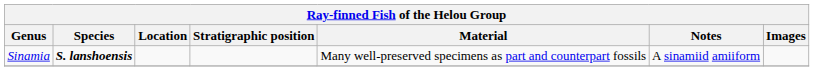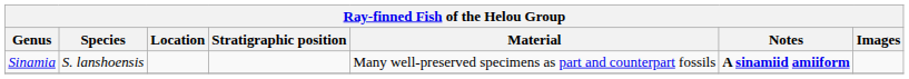 <table class="wikitable" align="center">
 <tr>
 <th colspan="7" align="center"><a href='#'>Ray-finned Fish</a> of the Helou Group</th>
 </tr>
 <tr>
 <th>Genus</th>
 <th>Species</th>
 <th>Location</th>
 <th>Stratigraphic position</th>
 <th>Material</th>
 <th>Notes</th>
 <th>Images</th>
 </tr>
 <tr>
 <td><em><a href='#'>Sinamia</a></em></td>
-<td><strong><em>S. lanshoensis</em></strong></td>
+<td><em>S. lanshoensis</em></td>
 <td></td>
 <td></td>
 <td>Many well-preserved specimens as <a href='#'>part and counterpart</a> fossils</td>
-<td>A <a href='#'>sinamiid</a> <a href='#'>amiiform</a></td>
+<td><strong>A <a href='#'>sinamiid</a> <a href='#'>amiiform</a></strong></td>
 <td></td>
 </tr>
 <tr>
 </tr>
 </table>
